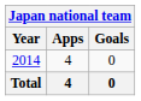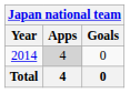 <table class="wikitable" style="text-align:center">
 <tr>
 <th colspan=3><a href='#'>Japan national team</a></th>
 </tr>
 <tr>
 <th>Year</th>
 <th>Apps</th>
 <th>Goals</th>
 </tr>
 <tr>
 <td><a href='#'>2014</a></td>
-<td>4</td>
+<td style="background: lightgrey;">4</td>
 <td>0</td>
 </tr>
 <tr>
 <th>Total</th>
 <th>4</th>
 <th>0</th>
 </tr>
 </table>
